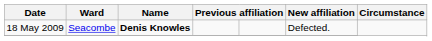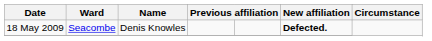 <table class="wikitable" style="font-size: 95%;">
 <tr>
 <th>Date</th>
 <th>Ward</th>
 <th>Name</th>
 <th colspan="2">Previous affiliation</th>
 <th colspan="2">New affiliation</th>
 <th>Circumstance</th>
 </tr>
 <tr>
 <td>18 May 2009</td>
 <td><a href='#'>Seacombe</a></td>
-<td><strong>Denis Knowles</strong></td>
+<td>Denis Knowles</td>
 <td></td>
 <td></td>
-<td>Defected.</td>
+<td><strong>Defected.</strong></td>
 </tr>
 <tr>
 </tr>
 </table>
